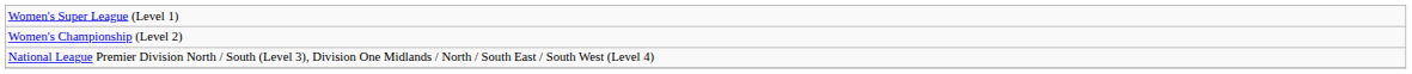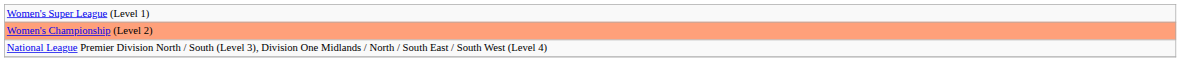 <table class="wikitable" width=100% style="font-size:90%">
 <tr>
 <td><a href='#'>Women's Super League</a> (Level 1)</td>
 </tr>
 <tr>
-<td><a href='#'>Women's Championship</a> (Level 2)</td>
+<td style="background: lightsalmon;"><a href='#'>Women's Championship</a> (Level 2)</td>
 </tr>
 <tr>
 <td><a href='#'>National League</a> Premier Division North / South (Level 3), Division One Midlands / North / South East / South West (Level 4)</td>
 </tr>
 <tr>
 </tr>
 </table>
